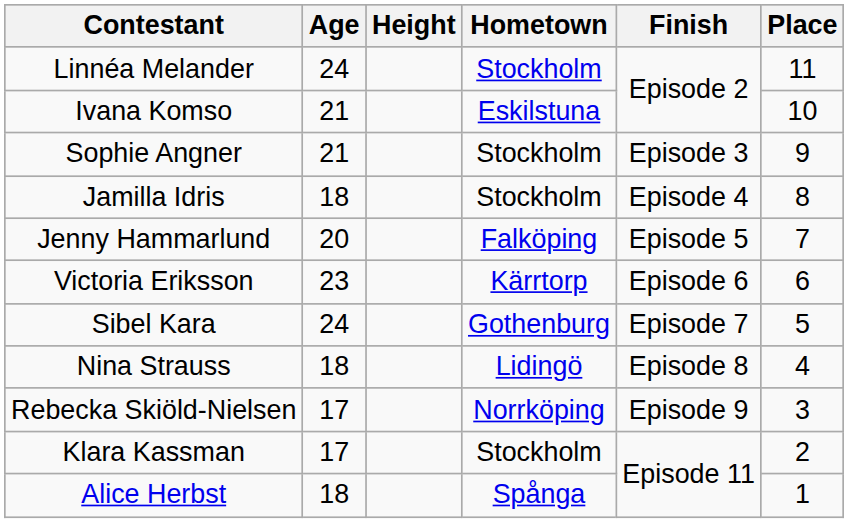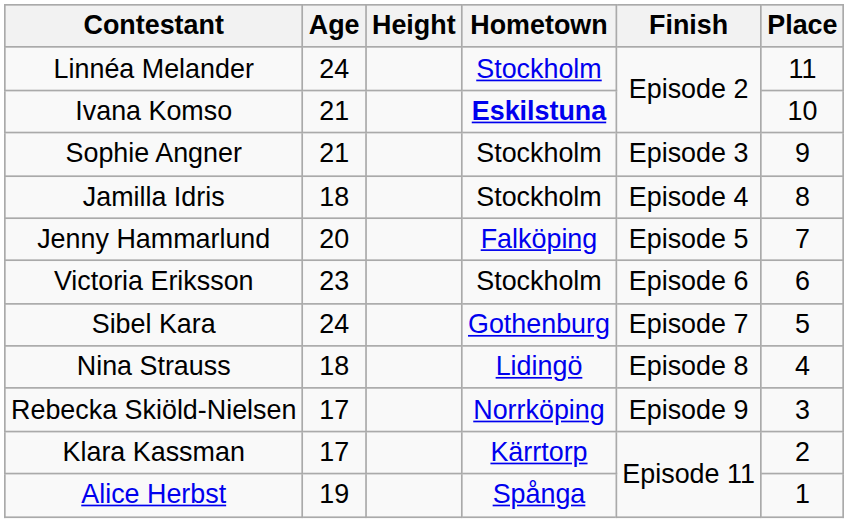 <table class="wikitable sortable" style="text-align:center;">
 <tr>
 <th>Contestant</th>
 <th>Age</th>
 <th>Height</th>
 <th>Hometown</th>
 <th>Finish</th>
 <th>Place</th>
 </tr>
 <tr>
 <td>Linnéa Melander</td>
 <td>24</td>
 <td></td>
 <td><a href='#'>Stockholm</a></td>
 <td rowspan="2">Episode 2</td>
 <td>11</td>
 </tr>
 <tr>
 <td>Ivana Komso</td>
 <td>21</td>
 <td></td>
-<td><a href='#'>Eskilstuna</a></td>
+<td><strong><a href='#'>Eskilstuna</a></strong></td>
 <td>10</td>
 </tr>
 <tr>
 <td>Sophie Angner</td>
 <td>21</td>
 <td></td>
 <td>Stockholm</td>
 <td>Episode 3</td>
 <td>9</td>
 </tr>
 <tr>
 <td>Jamilla Idris</td>
 <td>18</td>
 <td></td>
 <td>Stockholm</td>
 <td>Episode 4</td>
 <td>8</td>
 </tr>
 <tr>
 <td>Jenny Hammarlund</td>
 <td>20</td>
 <td></td>
 <td><a href='#'>Falköping</a></td>
 <td>Episode 5</td>
 <td>7</td>
 </tr>
 <tr>
 <td>Victoria Eriksson</td>
 <td>23</td>
 <td></td>
-<td><a href='#'>Kärrtorp</a></td>
+<td>Stockholm</td>
 <td>Episode 6</td>
 <td>6</td>
 </tr>
 <tr>
 <td>Sibel Kara</td>
 <td>24</td>
 <td></td>
 <td><a href='#'>Gothenburg</a></td>
 <td>Episode 7</td>
 <td>5</td>
 </tr>
 <tr>
 <td>Nina Strauss</td>
 <td>18</td>
 <td></td>
 <td><a href='#'>Lidingö</a></td>
 <td>Episode 8</td>
 <td>4</td>
 </tr>
 <tr>
 <td>Rebecka Skiöld-Nielsen</td>
 <td>17</td>
 <td></td>
 <td><a href='#'>Norrköping</a></td>
 <td>Episode 9</td>
 <td>3</td>
 </tr>
 <tr>
 <td>Klara Kassman</td>
 <td>17</td>
 <td></td>
-<td>Stockholm</td>
+<td><a href='#'>Kärrtorp</a></td>
 <td rowspan="2">Episode 11</td>
 <td>2</td>
 </tr>
 <tr>
 <td><a href='#'>Alice Herbst</a></td>
-<td>18</td>
+<td>19</td>
 <td></td>
 <td><a href='#'>Spånga</a></td>
 <td>1</td>
 </tr>
 </table>
